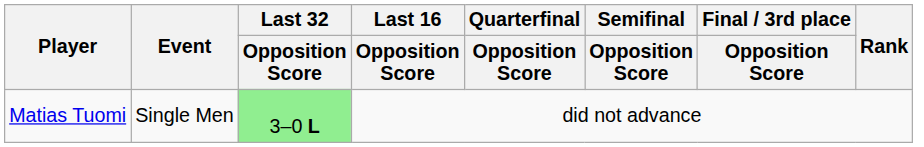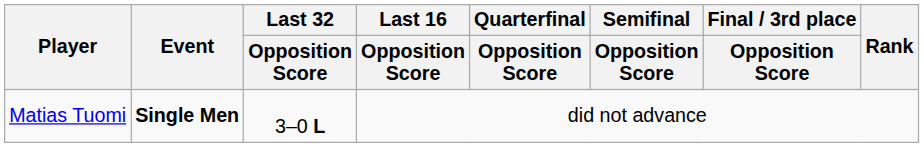 <table class="wikitable">
 <tr>
 <th rowspan=2>Player</th>
 <th rowspan=2>Event</th>
 <th>Last 32</th>
 <th>Last 16</th>
 <th>Quarterfinal</th>
 <th>Semifinal</th>
 <th>Final / 3rd place</th>
 <th rowspan=2>Rank</th>
 </tr>
 <tr>
 <th>Opposition<br>Score</th>
 <th>Opposition<br>Score</th>
 <th>Opposition<br>Score</th>
 <th>Opposition<br>Score</th>
 <th>Opposition<br>Score</th>
 </tr>
 <tr align=center>
 <td align=left><a href='#'>Matias Tuomi</a></td>
-<td align=left>Single Men</td>
-<td style="background: lightgreen;"><br>3–0 <strong>L</strong></td>
+<td align=left><strong>Single Men</strong></td>
+<td><br>3–0 <strong>L</strong></td>
 <td colspan=5>did not advance</td>
 </tr>
 </table>
